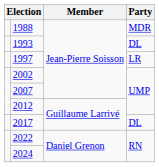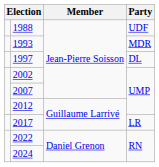 <table class="wikitable">
 <tr>
 <th colspan="2">Election</th>
 <th>Member</th>
 <th>Party</th>
 </tr>
 <tr>
 <td style="background-color: "></td>
 <td><a href='#'>1988</a></td>
 <td rowspan="5"><a href='#'>Jean-Pierre Soisson</a></td>
+<td><a href='#'>UDF</a></td>
+</tr>
+<tr>
+<td style="background-color: "></td>
+<td><a href='#'>1993</a></td>
 <td><a href='#'>MDR</a></td>
 </tr>
 <tr>
 <td style="background-color: "></td>
-<td><a href='#'>1993</a></td>
+<td><a href='#'>1997</a></td>
 <td><a href='#'>DL</a></td>
-</tr>
-<tr>
-<td style="background-color: "></td>
-<td><a href='#'>1997</a></td>
-<td><a href='#'>LR</a></td>
 </tr>
 <tr>
 <td rowspan="3" style="background-color: "></td>
 <td><a href='#'>2002</a></td>
 <td rowspan="3"><a href='#'>UMP</a></td>
 </tr>
 <tr>
 <td><a href='#'>2007</a></td>
 </tr>
 <tr>
 <td><a href='#'>2012</a></td>
 <td rowspan="2"><a href='#'>Guillaume Larrivé</a></td>
 </tr>
 <tr>
 <td style="background-color: "></td>
 <td><a href='#'>2017</a></td>
-<td><a href='#'>DL</a></td>
+<td><a href='#'>LR</a></td>
 </tr>
 <tr>
 <td rowspan="2" style="background-color: "></td>
 <td><a href='#'>2022</a></td>
 <td rowspan="2"><a href='#'>Daniel Grenon</a></td>
 <td rowspan="2"><a href='#'>RN</a></td>
 </tr>
 <tr>
 <td><a href='#'>2024</a></td>
 </tr>
 </table>
